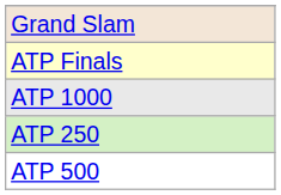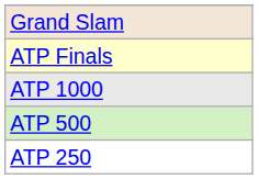 <table class="wikitable nowrap" style="font-size:95%; width:14%;">
 <tr>
 </tr>
 <tr style="background:#f3e6d7;">
 <td><a href='#'>Grand Slam</a></td>
 </tr>
 <tr style="background:#ffc;">
 <td><a href='#'>ATP Finals</a></td>
 </tr>
 <tr style="background:#e9e9e9;">
 <td><a href='#'>ATP 1000</a></td>
 </tr>
 <tr style="background:#d4f1c5;">
+<td><a href='#'>ATP 500</a></td>
+</tr>
+<tr style="background:#fff;">
 <td><a href='#'>ATP 250</a></td>
 </tr>
-<tr style="background:#fff;">
-<td><a href='#'>ATP 500</a></td>
-</tr>
 </table>
